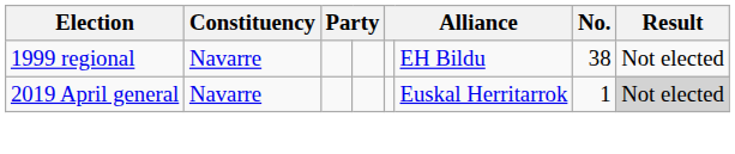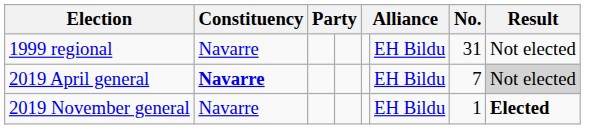 <table class="wikitable" style="text-align:left;">
 <tr>
 <th scope=col>Election</th>
 <th scope=col>Constituency</th>
 <th scope=col colspan="2">Party</th>
 <th scope=col colspan="2">Alliance</th>
 <th scope=col>No.</th>
 <th scope=col>Result</th>
 </tr>
 <tr>
 <td><a href='#'>1999 regional</a></td>
 <td><a href='#'>Navarre</a></td>
 <td></td>
 <td></td>
 <td style="background:"></td>
 <td><a href='#'>EH Bildu</a></td>
-<td align=right>38</td>
+<td align=right>31</td>
 <td>Not elected</td>
 </tr>
 <tr>
 <td><a href='#'>2019 April general</a></td>
+<td><strong><a href='#'>Navarre</a></strong></td>
+<td></td>
+<td></td>
+<td style="background:"></td>
+<td><a href='#'>EH Bildu</a></td>
+<td align=right>7</td>
+<td style="background: lightgrey;">Not elected</td>
+</tr>
+<tr>
+<td><a href='#'>2019 November general</a></td>
 <td><a href='#'>Navarre</a></td>
 <td></td>
 <td></td>
 <td style="background:"></td>
-<td><a href='#'>Euskal Herritarrok</a></td>
+<td><a href='#'>EH Bildu</a></td>
 <td align=right>1</td>
-<td style="background: lightgrey;">Not elected</td>
+<td><strong>Elected</strong></td>
 </tr>
 </table>
